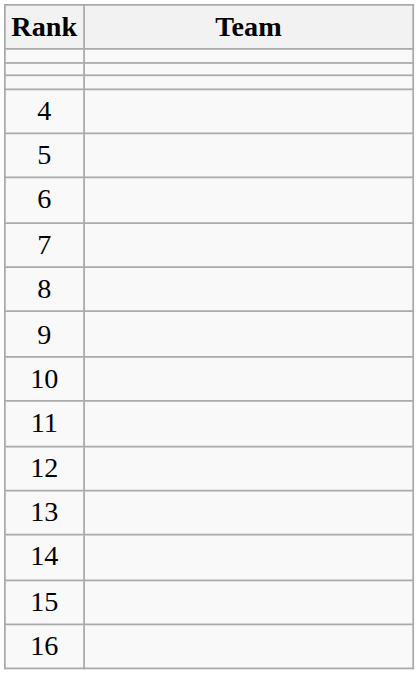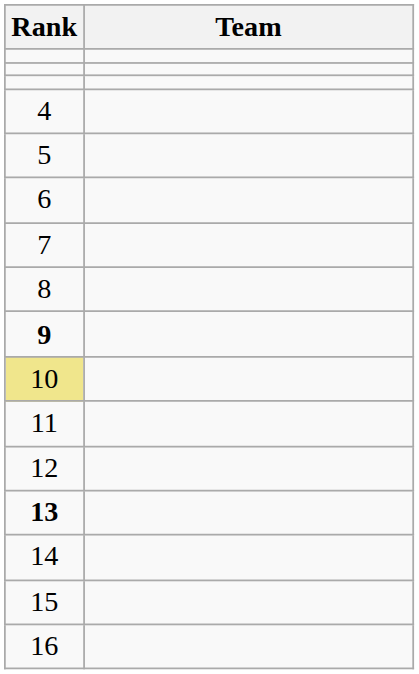 <table class=wikitable style="text-align:center;">
 <tr>
 <th>Rank</th>
 <th width=180>Team</th>
 </tr>
 <tr>
 <td></td>
 <td align=left></td>
 </tr>
 <tr>
 <td></td>
 <td align=left></td>
 </tr>
 <tr>
 <td></td>
 <td align=left></td>
 </tr>
 <tr>
 <td>4</td>
 <td align=left></td>
 </tr>
 <tr>
 <td>5</td>
 <td align=left></td>
 </tr>
 <tr>
 <td>6</td>
 <td align=left></td>
 </tr>
 <tr>
 <td>7</td>
 <td align=left></td>
 </tr>
 <tr>
 <td>8</td>
 <td align=left></td>
 </tr>
 <tr>
-<td>9</td>
+<td><strong>9</strong></td>
 <td align=left></td>
 </tr>
 <tr>
-<td>10</td>
+<td style="background: khaki;">10</td>
 <td align=left></td>
 </tr>
 <tr>
 <td>11</td>
 <td align=left></td>
 </tr>
 <tr>
 <td>12</td>
 <td align=left></td>
 </tr>
 <tr>
-<td>13</td>
+<td><strong>13</strong></td>
 <td align=left></td>
 </tr>
 <tr>
 <td>14</td>
 <td align=left></td>
 </tr>
 <tr>
 <td>15</td>
 <td align=left></td>
 </tr>
 <tr>
 <td>16</td>
 <td align=left></td>
 </tr>
 </table>
